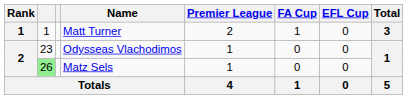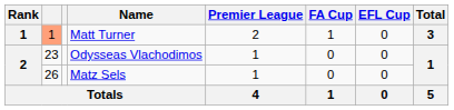 <table class="wikitable" style="text-align:center;">
 <tr>
 <th>Rank</th>
 <th></th>
 <th></th>
 <th>Name</th>
 <th><a href='#'>Premier League</a></th>
 <th><a href='#'>FA Cup</a></th>
 <th><a href='#'>EFL Cup</a></th>
 <th>Total</th>
 </tr>
 <tr>
 <th>1</th>
-<td>1</td>
+<td style="background: lightsalmon;">1</td>
 <td></td>
 <td style="text-align:left;" data-sort-value="Turner, Matt"><a href='#'>Matt Turner</a></td>
 <td>2</td>
 <td>1</td>
 <td>0</td>
 <th>3</th>
 </tr>
 <tr>
 <th rowspan="2">2</th>
 <td>23</td>
 <td></td>
 <td style="text-align:left;" data-sort-value="Vlachodimos, Odysseas"><a href='#'>Odysseas Vlachodimos</a></td>
 <td>1</td>
 <td>0</td>
 <td>0</td>
 <th rowspan="2">1</th>
 </tr>
 <tr>
-<td style="background: lightgreen;">26</td>
+<td>26</td>
 <td></td>
 <td style="text-align:left;" data-sort-value="Sels, Matz"><a href='#'>Matz Sels</a></td>
 <td>1</td>
 <td>0</td>
 <td>0</td>
 </tr>
 <tr>
 <th colspan=4><strong>Totals</strong></th>
 <th>4</th>
 <th>1</th>
 <th>0</th>
 <th>5</th>
 </tr>
 </table>
